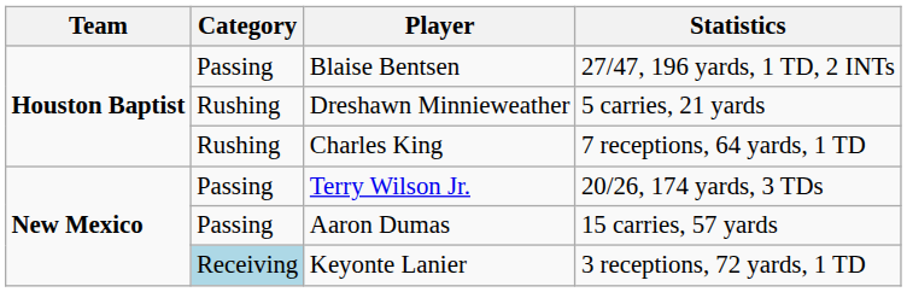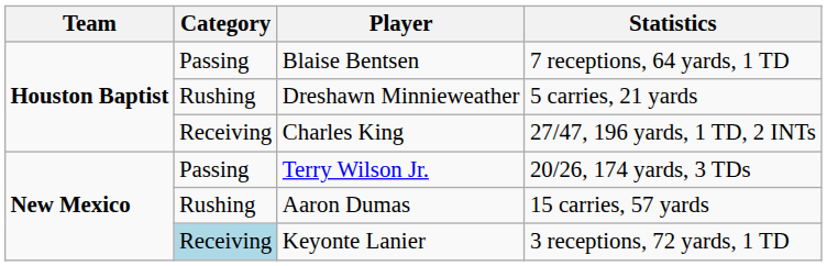 <table class="wikitable" style="float: left;">
 <tr>
 <th>Team</th>
 <th>Category</th>
 <th>Player</th>
 <th>Statistics</th>
 </tr>
 <tr>
 <td rowspan=3><strong>Houston Baptist</strong></td>
 <td>Passing</td>
 <td>Blaise Bentsen</td>
-<td>27/47, 196 yards, 1 TD, 2 INTs</td>
+<td>7 receptions, 64 yards, 1 TD</td>
 </tr>
 <tr>
 <td>Rushing</td>
 <td>Dreshawn Minnieweather</td>
 <td>5 carries, 21 yards</td>
 </tr>
 <tr>
-<td>Rushing</td>
+<td>Receiving</td>
 <td>Charles King</td>
-<td>7 receptions, 64 yards, 1 TD</td>
+<td>27/47, 196 yards, 1 TD, 2 INTs</td>
 </tr>
 <tr>
 <td rowspan=3><strong>New Mexico</strong></td>
 <td>Passing</td>
 <td><a href='#'>Terry Wilson Jr.</a></td>
 <td>20/26, 174 yards, 3 TDs</td>
 </tr>
 <tr>
-<td>Passing</td>
+<td>Rushing</td>
 <td>Aaron Dumas</td>
 <td>15 carries, 57 yards</td>
 </tr>
 <tr>
 <td style="background: lightblue;">Receiving</td>
 <td>Keyonte Lanier</td>
 <td>3 receptions, 72 yards, 1 TD</td>
 </tr>
 </table>
